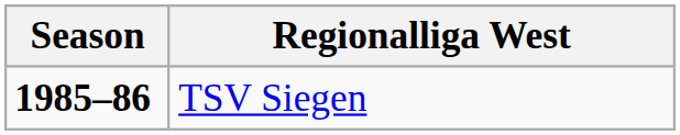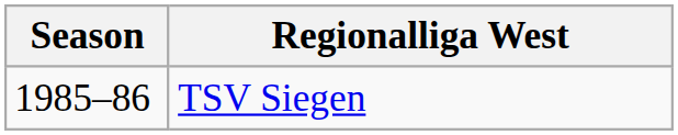 <table class="wikitable">
 <tr align="center" bgcolor="#dfdfdf">
 <th width="60">Season</th>
 <th width="200">Regionalliga West</th>
 </tr>
 <tr>
-<td><strong>1985–86</strong></td>
+<td>1985–86</td>
 <td><a href='#'>TSV Siegen</a></td>
 </tr>
 </table>
